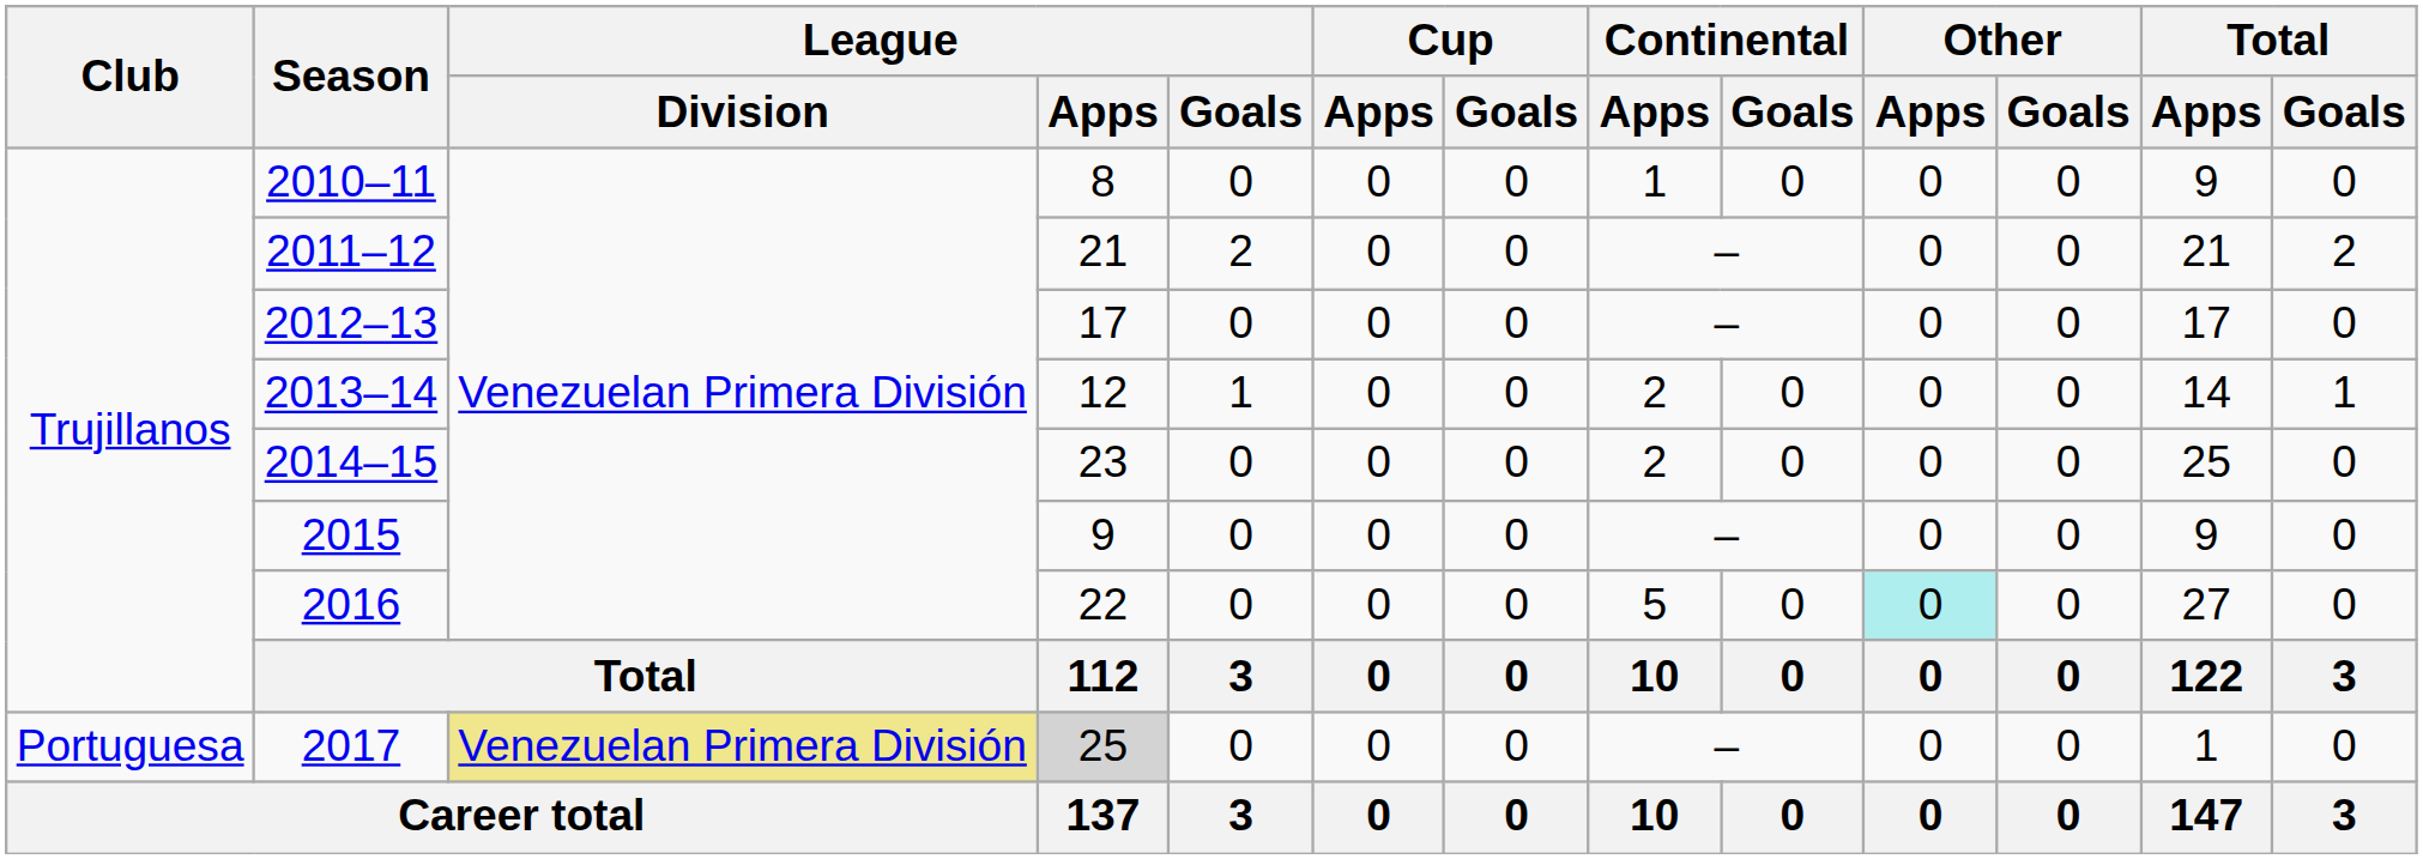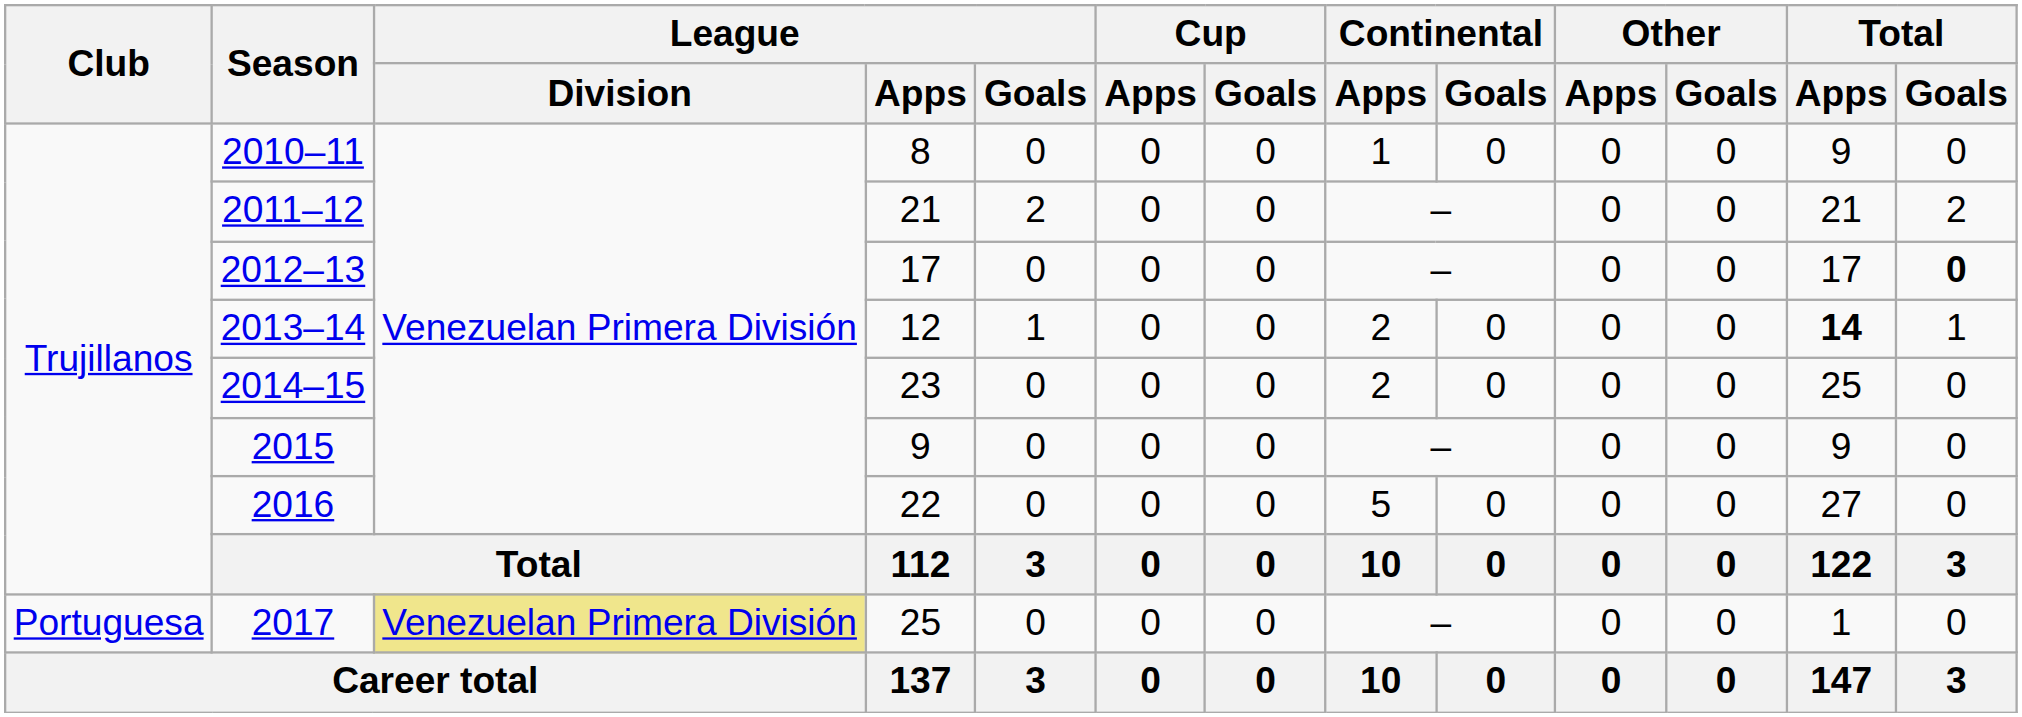 <table class="wikitable" style="text-align: center">
 <tr>
 <th rowspan="2">Club</th>
 <th rowspan="2">Season</th>
 <th colspan="3">League</th>
 <th colspan="2">Cup</th>
 <th colspan="2">Continental</th>
 <th colspan="2">Other</th>
 <th colspan="2">Total</th>
 </tr>
 <tr>
 <th>Division</th>
 <th>Apps</th>
 <th>Goals</th>
 <th>Apps</th>
 <th>Goals</th>
 <th>Apps</th>
 <th>Goals</th>
 <th>Apps</th>
 <th>Goals</th>
 <th>Apps</th>
 <th>Goals</th>
 </tr>
 <tr>
 <td rowspan="8"><a href='#'>Trujillanos</a></td>
 <td><a href='#'>2010–11</a></td>
 <td rowspan="7"><a href='#'>Venezuelan Primera División</a></td>
 <td>8</td>
 <td>0</td>
 <td>0</td>
 <td>0</td>
 <td>1</td>
 <td>0</td>
 <td>0</td>
 <td>0</td>
 <td>9</td>
 <td>0</td>
 </tr>
 <tr>
 <td><a href='#'>2011–12</a></td>
 <td>21</td>
 <td>2</td>
 <td>0</td>
 <td>0</td>
 <td colspan="2">–</td>
 <td>0</td>
 <td>0</td>
 <td>21</td>
 <td>2</td>
 </tr>
 <tr>
 <td><a href='#'>2012–13</a></td>
 <td>17</td>
 <td>0</td>
 <td>0</td>
 <td>0</td>
 <td colspan="2">–</td>
 <td>0</td>
 <td>0</td>
 <td>17</td>
-<td>0</td>
+<td><strong>0</strong></td>
 </tr>
 <tr>
 <td><a href='#'>2013–14</a></td>
 <td>12</td>
 <td>1</td>
 <td>0</td>
 <td>0</td>
 <td>2</td>
 <td>0</td>
 <td>0</td>
 <td>0</td>
-<td>14</td>
+<td><strong>14</strong></td>
 <td>1</td>
 </tr>
 <tr>
 <td><a href='#'>2014–15</a></td>
 <td>23</td>
 <td>0</td>
 <td>0</td>
 <td>0</td>
 <td>2</td>
 <td>0</td>
 <td>0</td>
 <td>0</td>
 <td>25</td>
 <td>0</td>
 </tr>
 <tr>
 <td><a href='#'>2015</a></td>
 <td>9</td>
 <td>0</td>
 <td>0</td>
 <td>0</td>
 <td colspan="2">–</td>
 <td>0</td>
 <td>0</td>
 <td>9</td>
 <td>0</td>
 </tr>
 <tr>
 <td><a href='#'>2016</a></td>
 <td>22</td>
 <td>0</td>
 <td>0</td>
 <td>0</td>
 <td>5</td>
 <td>0</td>
-<td style="background: paleturquoise;">0</td>
+<td>0</td>
 <td>0</td>
 <td>27</td>
 <td>0</td>
 </tr>
 <tr>
 <th colspan="2"><strong>Total</strong></th>
 <th>112</th>
 <th>3</th>
 <th>0</th>
 <th>0</th>
 <th>10</th>
 <th>0</th>
 <th>0</th>
 <th>0</th>
 <th>122</th>
 <th>3</th>
 </tr>
 <tr>
 <td><a href='#'>Portuguesa</a></td>
 <td><a href='#'>2017</a></td>
 <td style="background: khaki;"><a href='#'>Venezuelan Primera División</a></td>
-<td style="background: lightgrey;">25</td>
+<td>25</td>
 <td>0</td>
 <td>0</td>
 <td>0</td>
 <td colspan="2">–</td>
 <td>0</td>
 <td>0</td>
 <td>1</td>
 <td>0</td>
 </tr>
 <tr>
 <th colspan="3"><strong>Career total</strong></th>
 <th>137</th>
 <th>3</th>
 <th>0</th>
 <th>0</th>
 <th>10</th>
 <th>0</th>
 <th>0</th>
 <th>0</th>
 <th>147</th>
 <th>3</th>
 </tr>
 </table>
